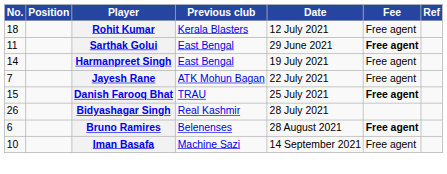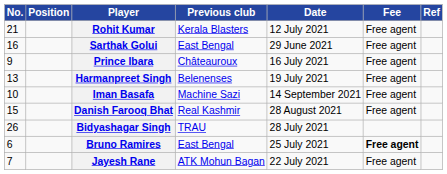 <table class="wikitable plainrowheaders" style="text-align:center; text-align:left">
 <tr>
 <th style="background:#2545A0; color:#FFFFFF; ">No.</th>
 <th scope="col" style="background:#2545A0; color:#FFFFFF; ">Position</th>
 <th scope="col" style="background:#2545A0; color:#FFFFFF; ">Player</th>
 <th scope="col" style="background:#2545A0; color:#FFFFFF; ">Previous club</th>
 <th scope="col" style="background:#2545A0; color:#FFFFFF; ">Date</th>
 <th scope="col" style="background:#2545A0; color:#FFFFFF; ">Fee</th>
 <th scope="col" style="background:#2545A0; color:#FFFFFF; ">Ref</th>
 </tr>
 <tr>
-<td>18</td>
+<td>21</td>
 <td></td>
 <th scope="row"> <a href='#'>Rohit Kumar</a></th>
 <td><a href='#'>Kerala Blasters</a></td>
 <td>12 July 2021</td>
 <td>Free agent</td>
 <td></td>
 </tr>
 <tr>
-<td>11</td>
+<td>16</td>
 <td></td>
 <th scope="row"> <a href='#'>Sarthak Golui</a></th>
 <td><a href='#'>East Bengal</a></td>
 <td>29 June 2021</td>
-<td><strong>Free agent</strong></td>
+<td>Free agent</td>
 <td></td>
 </tr>
 <tr>
-<td>14</td>
+<td>9</td>
+<td></td>
+<th scope="row"> <a href='#'>Prince Ibara</a></th>
+<td> <a href='#'>Châteauroux</a></td>
+<td>16 July 2021</td>
+<td>Free agent</td>
+<td></td>
+</tr>
+<tr>
+<td>13</td>
 <td></td>
 <th scope="row"> <a href='#'>Harmanpreet Singh</a></th>
-<td><a href='#'>East Bengal</a></td>
+<td> <a href='#'>Belenenses</a></td>
 <td>19 July 2021</td>
 <td>Free agent</td>
+<td></td>
+</tr>
+<tr>
+<td>10</td>
+<td></td>
+<th scope="row"> <a href='#'>Iman Basafa</a></th>
+<td> <a href='#'>Machine Sazi</a></td>
+<td>14 September 2021</td>
+<td>Free agent</td>
+<td></td>
+</tr>
+<tr>
+<td>15</td>
+<td></td>
+<th scope="row"> <a href='#'>Danish Farooq Bhat</a></th>
+<td><a href='#'>Real Kashmir</a></td>
+<td>28 August 2021</td>
+<td>Free agent</td>
+<td></td>
+</tr>
+<tr>
+<td>26</td>
+<td></td>
+<th scope="row"> <a href='#'>Bidyashagar Singh</a></th>
+<td><a href='#'>TRAU</a></td>
+<td>28 July 2021</td>
+<td></td>
+<td></td>
+</tr>
+<tr>
+<td>6</td>
+<td></td>
+<th scope="row"> <a href='#'>Bruno Ramires</a></th>
+<td><a href='#'>East Bengal</a></td>
+<td>25 July 2021</td>
+<td><strong>Free agent</strong></td>
 <td></td>
 </tr>
 <tr>
 <td>7</td>
 <td></td>
 <th scope="row"> <a href='#'>Jayesh Rane</a></th>
 <td><a href='#'>ATK Mohun Bagan</a></td>
 <td>22 July 2021</td>
 <td>Free agent</td>
 <td></td>
 </tr>
-<tr>
-<td>15</td>
-<td></td>
-<th scope="row"> <a href='#'>Danish Farooq Bhat</a></th>
-<td><a href='#'>TRAU</a></td>
-<td>25 July 2021</td>
-<td><strong>Free agent</strong></td>
-<td></td>
-</tr>
-<tr>
-<td>26</td>
-<td></td>
-<th scope="row"> <a href='#'>Bidyashagar Singh</a></th>
-<td><a href='#'>Real Kashmir</a></td>
-<td>28 July 2021</td>
-<td></td>
-<td></td>
-</tr>
-<tr>
-<td>6</td>
-<td></td>
-<th scope="row"> <a href='#'>Bruno Ramires</a></th>
-<td> <a href='#'>Belenenses</a></td>
-<td>28 August 2021</td>
-<td><strong>Free agent</strong></td>
-<td></td>
-</tr>
-<tr>
-<td>10</td>
-<td></td>
-<th scope="row"> <a href='#'>Iman Basafa</a></th>
-<td> <a href='#'>Machine Sazi</a></td>
-<td>14 September 2021</td>
-<td>Free agent</td>
-<td></td>
-</tr>
 </table>
